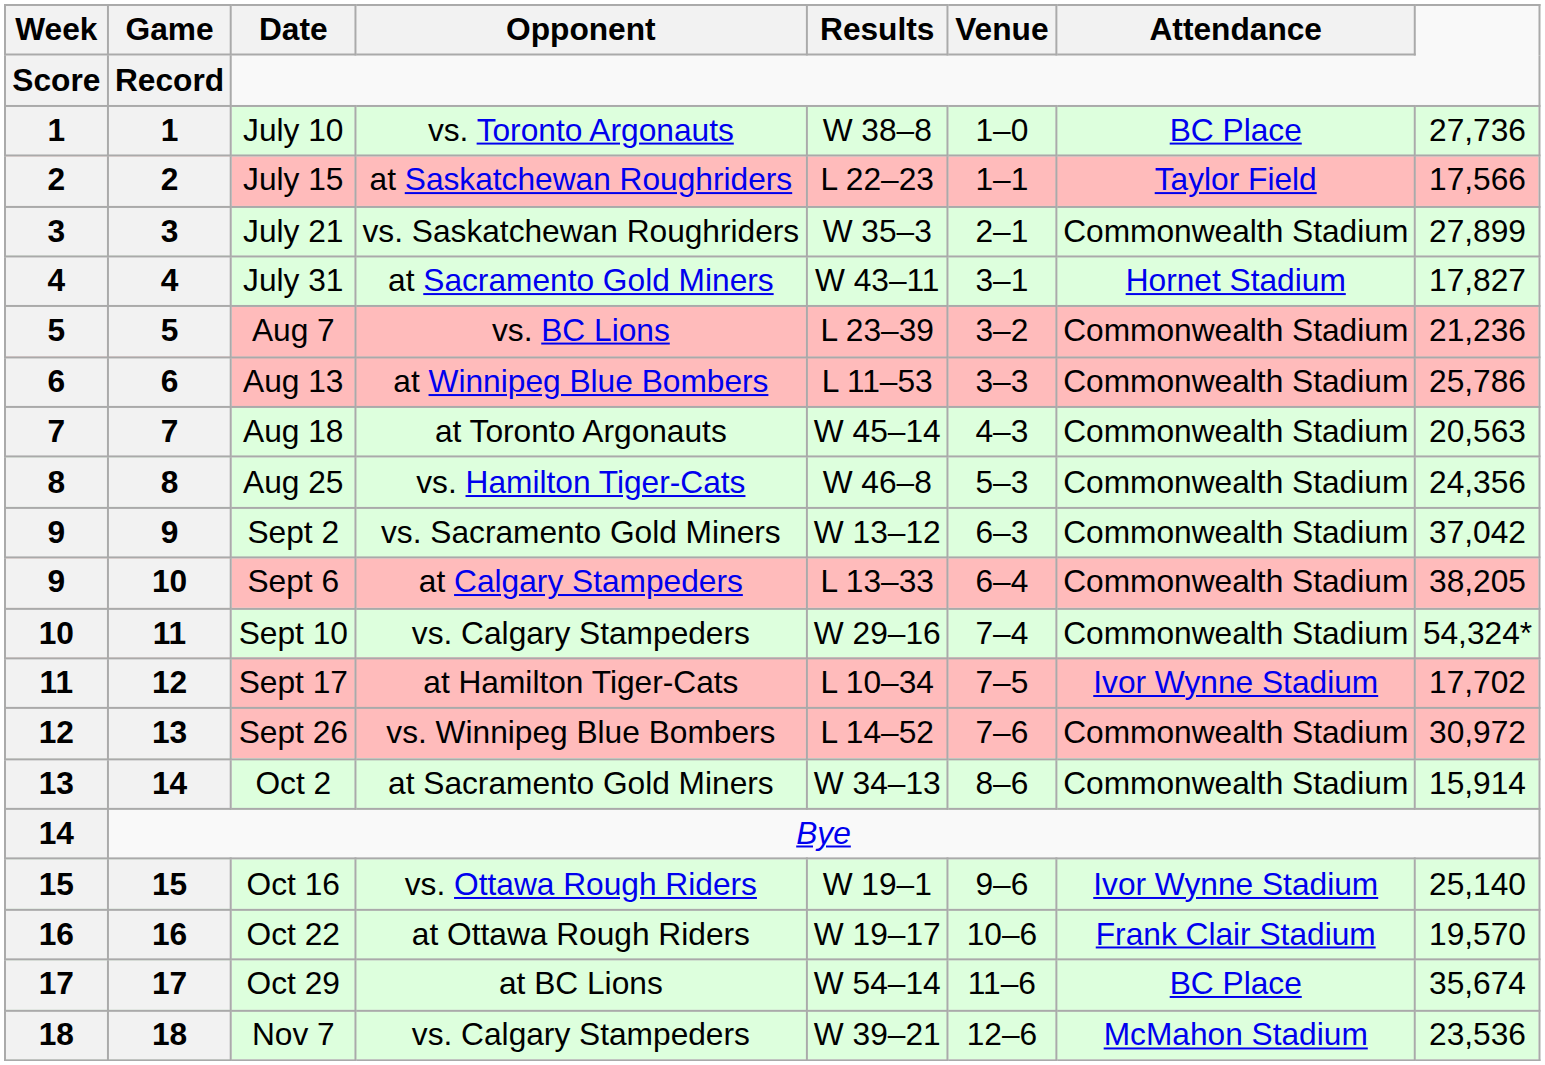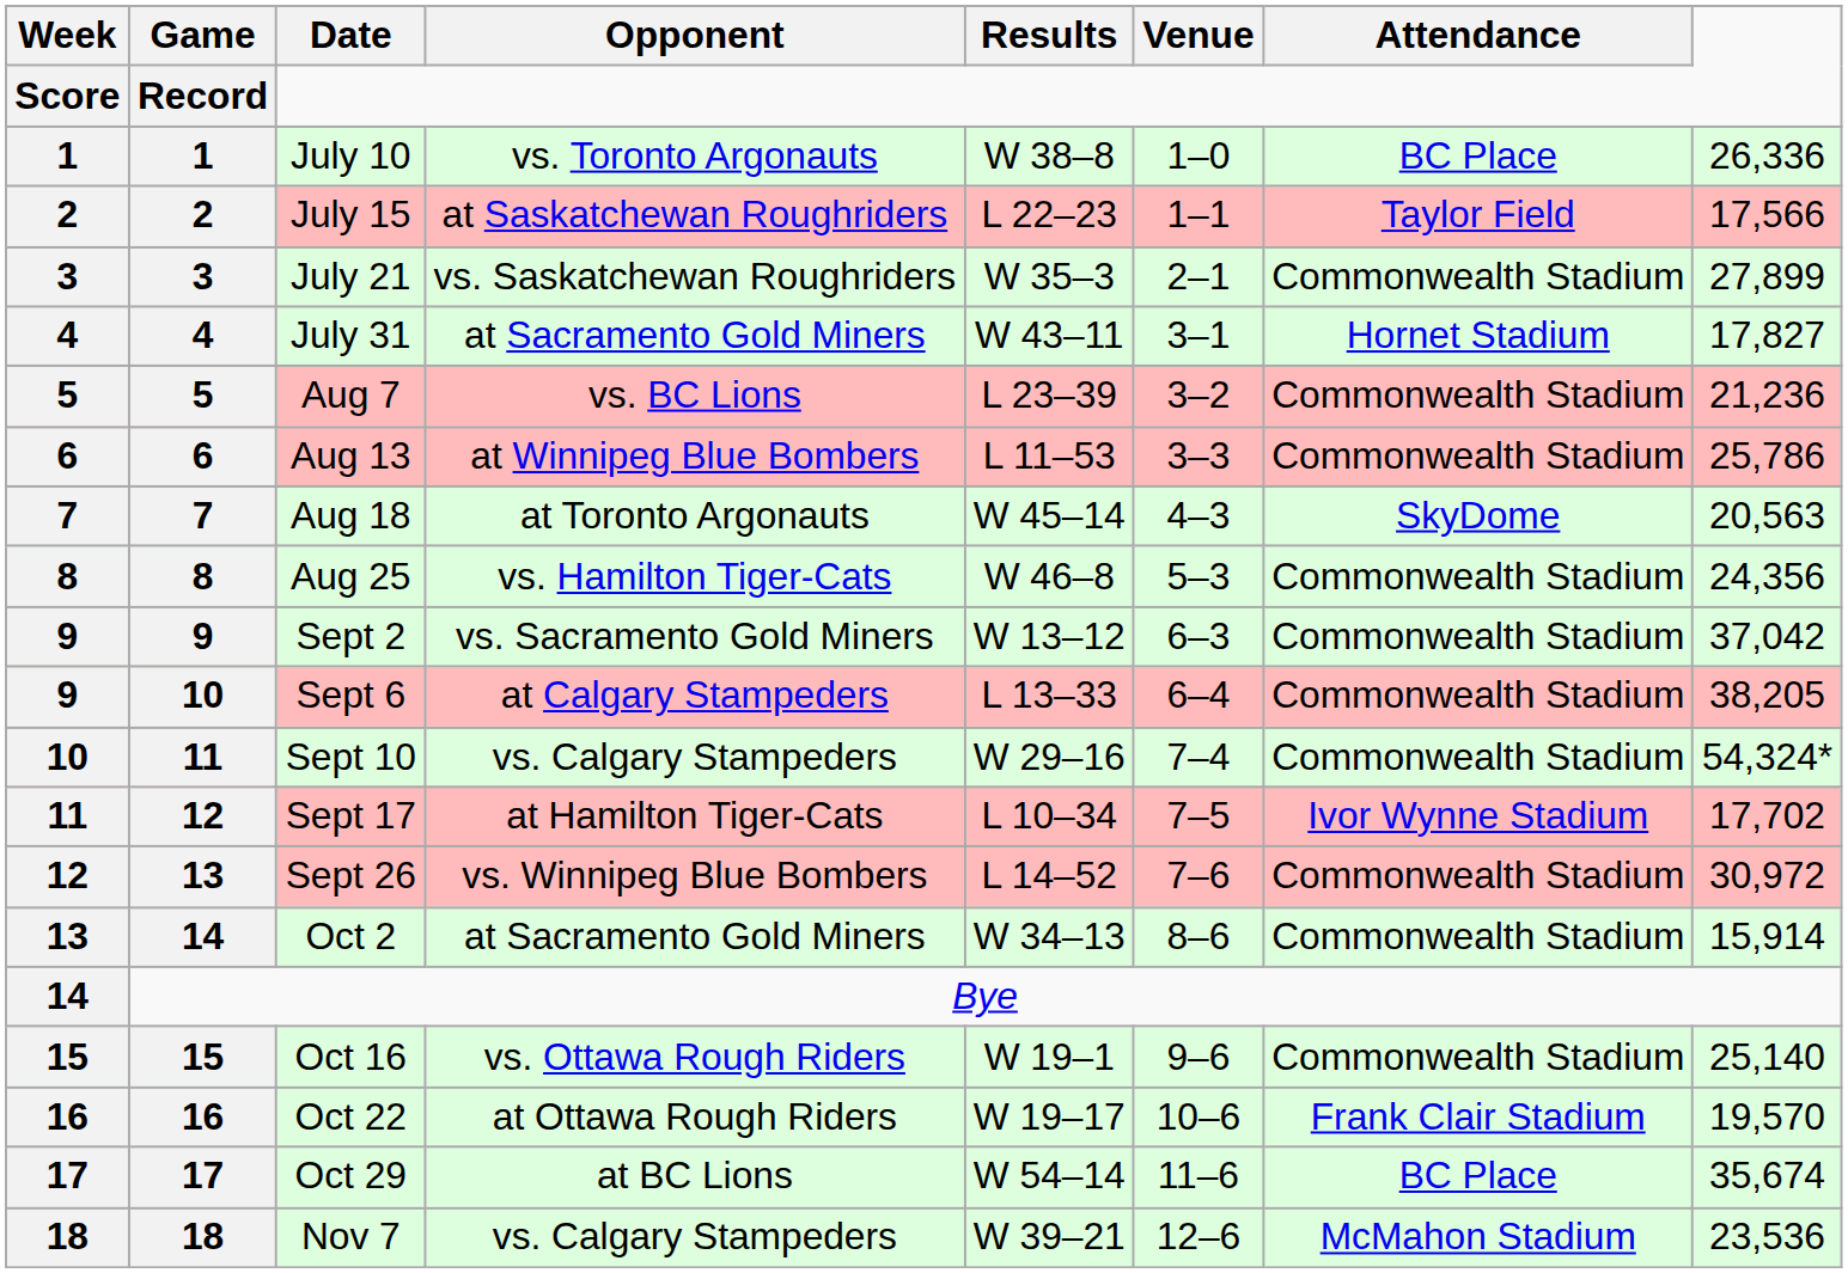 <table class="wikitable" style="text-align:center">
 <tr>
 <th>Week</th>
 <th>Game</th>
 <th>Date</th>
 <th>Opponent</th>
 <th>Results</th>
 <th>Venue</th>
 <th>Attendance</th>
 </tr>
 <tr>
 <th>Score</th>
 <th>Record</th>
 </tr>
 <tr style="background:#ddffdd">
 <th>1</th>
 <th>1</th>
 <td>July 10</td>
 <td>vs. <a href='#'>Toronto Argonauts</a></td>
 <td>W 38–8</td>
 <td>1–0</td>
 <td><a href='#'>BC Place</a></td>
-<td>27,736</td>
+<td>26,336</td>
 </tr>
 <tr style="background:#ffbbbb">
 <th>2</th>
 <th>2</th>
 <td>July 15</td>
 <td>at <a href='#'>Saskatchewan Roughriders</a></td>
 <td>L 22–23</td>
 <td>1–1</td>
 <td><a href='#'>Taylor Field</a></td>
 <td>17,566</td>
 </tr>
 <tr style="background:#ddffdd">
 <th>3</th>
 <th>3</th>
 <td>July 21</td>
 <td>vs. Saskatchewan Roughriders</td>
 <td>W 35–3</td>
 <td>2–1</td>
 <td>Commonwealth Stadium</td>
 <td>27,899</td>
 </tr>
 <tr style="background:#ddffdd">
 <th>4</th>
 <th>4</th>
 <td>July 31</td>
 <td>at <a href='#'>Sacramento Gold Miners</a></td>
 <td>W 43–11</td>
 <td>3–1</td>
 <td><a href='#'>Hornet Stadium</a></td>
 <td>17,827</td>
 </tr>
 <tr style="background:#ffbbbb">
 <th>5</th>
 <th>5</th>
 <td>Aug 7</td>
 <td>vs. <a href='#'>BC Lions</a></td>
 <td>L 23–39</td>
 <td>3–2</td>
 <td>Commonwealth Stadium</td>
 <td>21,236</td>
 </tr>
 <tr style="background:#ffbbbb">
 <th>6</th>
 <th>6</th>
 <td>Aug 13</td>
 <td>at <a href='#'>Winnipeg Blue Bombers</a></td>
 <td>L 11–53</td>
 <td>3–3</td>
 <td>Commonwealth Stadium</td>
 <td>25,786</td>
 </tr>
 <tr style="background:#ddffdd">
 <th>7</th>
 <th>7</th>
 <td>Aug 18</td>
 <td>at Toronto Argonauts</td>
 <td>W 45–14</td>
 <td>4–3</td>
-<td>Commonwealth Stadium</td>
+<td><a href='#'>SkyDome</a></td>
 <td>20,563</td>
 </tr>
 <tr style="background:#ddffdd">
 <th>8</th>
 <th>8</th>
 <td>Aug 25</td>
 <td>vs. <a href='#'>Hamilton Tiger-Cats</a></td>
 <td>W 46–8</td>
 <td>5–3</td>
 <td>Commonwealth Stadium</td>
 <td>24,356</td>
 </tr>
 <tr style="background:#ddffdd">
 <th>9</th>
 <th>9</th>
 <td>Sept 2</td>
 <td>vs. Sacramento Gold Miners</td>
 <td>W 13–12</td>
 <td>6–3</td>
 <td>Commonwealth Stadium</td>
 <td>37,042</td>
 </tr>
 <tr style="background:#ffbbbb">
 <th>9</th>
 <th>10</th>
 <td>Sept 6</td>
 <td>at <a href='#'>Calgary Stampeders</a></td>
 <td>L 13–33</td>
 <td>6–4</td>
 <td>Commonwealth Stadium</td>
 <td>38,205</td>
 </tr>
 <tr style="background:#ddffdd">
 <th>10</th>
 <th>11</th>
 <td>Sept 10</td>
 <td>vs. Calgary Stampeders</td>
 <td>W 29–16</td>
 <td>7–4</td>
 <td>Commonwealth Stadium</td>
 <td>54,324*</td>
 </tr>
 <tr style="background:#ffbbbb">
 <th>11</th>
 <th>12</th>
 <td>Sept 17</td>
 <td>at Hamilton Tiger-Cats</td>
 <td>L 10–34</td>
 <td>7–5</td>
 <td><a href='#'>Ivor Wynne Stadium</a></td>
 <td>17,702</td>
 </tr>
 <tr style="background:#ffbbbb">
 <th>12</th>
 <th>13</th>
 <td>Sept 26</td>
 <td>vs. Winnipeg Blue Bombers</td>
 <td>L 14–52</td>
 <td>7–6</td>
 <td>Commonwealth Stadium</td>
 <td>30,972</td>
 </tr>
 <tr style="background:#ddffdd">
 <th>13</th>
 <th>14</th>
 <td>Oct 2</td>
 <td>at Sacramento Gold Miners</td>
 <td>W 34–13</td>
 <td>8–6</td>
 <td>Commonwealth Stadium</td>
 <td>15,914</td>
 </tr>
 <tr align="center">
 <th>14</th>
 <td colspan=8 align="center"><em><a href='#'>Bye</a></em></td>
 </tr>
 <tr style="background:#ddffdd">
 <th>15</th>
 <th>15</th>
 <td>Oct 16</td>
 <td>vs. <a href='#'>Ottawa Rough Riders</a></td>
 <td>W 19–1</td>
 <td>9–6</td>
-<td><a href='#'>Ivor Wynne Stadium</a></td>
+<td>Commonwealth Stadium</td>
 <td>25,140</td>
 </tr>
 <tr style="background:#ddffdd">
 <th>16</th>
 <th>16</th>
 <td>Oct 22</td>
 <td>at Ottawa Rough Riders</td>
 <td>W 19–17</td>
 <td>10–6</td>
 <td><a href='#'>Frank Clair Stadium</a></td>
 <td>19,570</td>
 </tr>
 <tr style="background:#ddffdd">
 <th>17</th>
 <th>17</th>
 <td>Oct 29</td>
 <td>at BC Lions</td>
 <td>W 54–14</td>
 <td>11–6</td>
 <td><a href='#'>BC Place</a></td>
 <td>35,674</td>
 </tr>
 <tr style="background:#ddffdd">
 <th>18</th>
 <th>18</th>
 <td>Nov 7</td>
 <td>vs. Calgary Stampeders</td>
 <td>W 39–21</td>
 <td>12–6</td>
 <td><a href='#'>McMahon Stadium</a></td>
 <td>23,536</td>
 </tr>
 </table>
